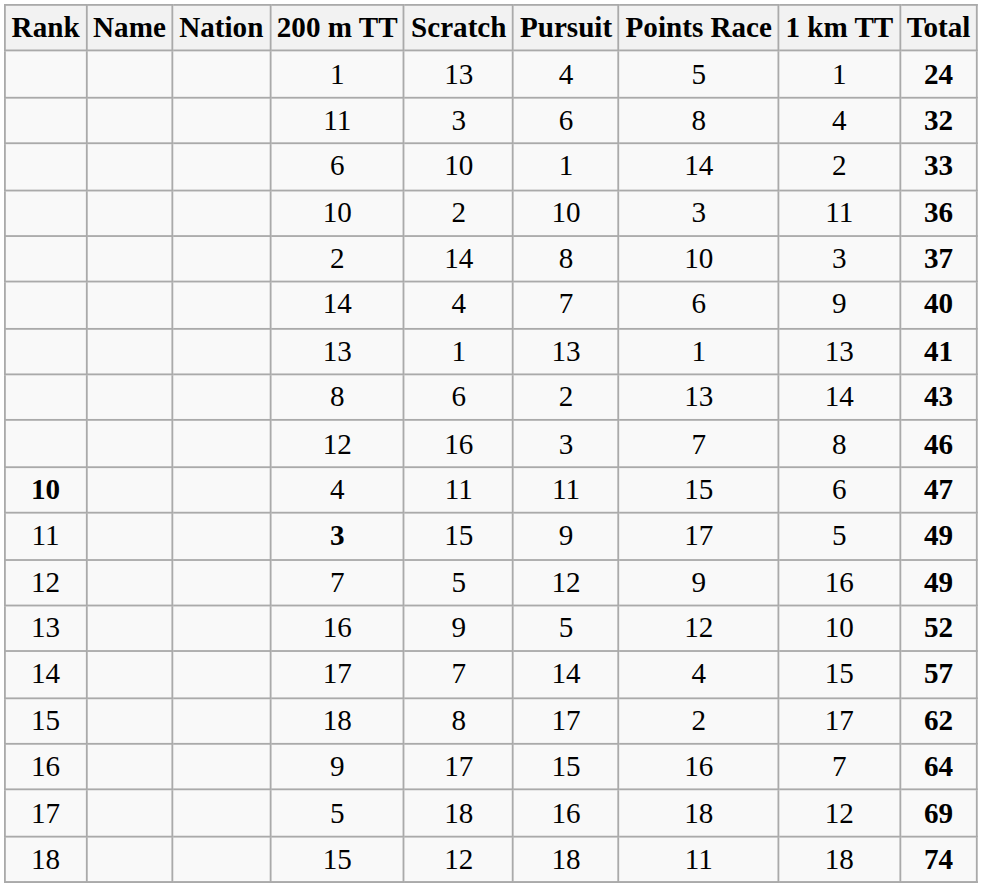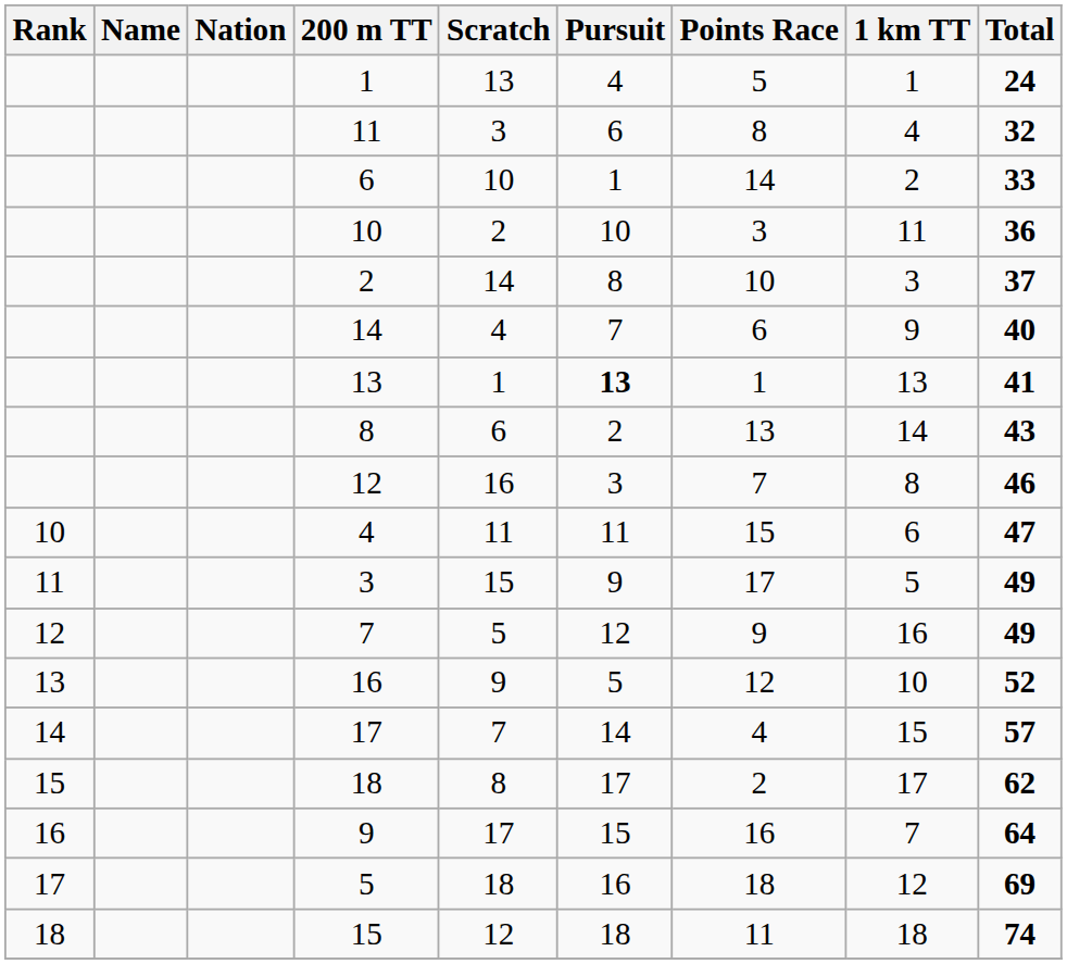 <table class="wikitable sortable" style="text-align:center">
 <tr>
 <th>Rank</th>
 <th>Name</th>
 <th>Nation</th>
 <th>200 m TT</th>
 <th>Scratch</th>
 <th>Pursuit</th>
 <th>Points Race</th>
 <th>1 km TT</th>
 <th>Total</th>
 </tr>
 <tr>
 <td></td>
 <td align=left></td>
 <td align=left></td>
 <td>1</td>
 <td>13</td>
 <td>4</td>
 <td>5</td>
 <td>1</td>
 <td><strong>24</strong></td>
 </tr>
 <tr>
 <td></td>
 <td align=left></td>
 <td align=left></td>
 <td>11</td>
 <td>3</td>
 <td>6</td>
 <td>8</td>
 <td>4</td>
 <td><strong>32</strong></td>
 </tr>
 <tr>
 <td></td>
 <td align=left></td>
 <td align=left></td>
 <td>6</td>
 <td>10</td>
 <td>1</td>
 <td>14</td>
 <td>2</td>
 <td><strong>33</strong></td>
 </tr>
 <tr>
 <td></td>
 <td align=left></td>
 <td align=left></td>
 <td>10</td>
 <td>2</td>
 <td>10</td>
 <td>3</td>
 <td>11</td>
 <td><strong>36</strong></td>
 </tr>
 <tr>
 <td></td>
 <td align=left></td>
 <td align=left></td>
 <td>2</td>
 <td>14</td>
 <td>8</td>
 <td>10</td>
 <td>3</td>
 <td><strong>37</strong></td>
 </tr>
 <tr>
 <td></td>
 <td align=left></td>
 <td align=left></td>
 <td>14</td>
 <td>4</td>
 <td>7</td>
 <td>6</td>
 <td>9</td>
 <td><strong>40</strong></td>
 </tr>
 <tr>
 <td></td>
 <td align=left></td>
 <td align=left></td>
 <td>13</td>
 <td>1</td>
-<td>13</td>
+<td><strong>13</strong></td>
 <td>1</td>
 <td>13</td>
 <td><strong>41</strong></td>
 </tr>
 <tr>
 <td></td>
 <td align=left></td>
 <td align=left></td>
 <td>8</td>
 <td>6</td>
 <td>2</td>
 <td>13</td>
 <td>14</td>
 <td><strong>43</strong></td>
 </tr>
 <tr>
 <td></td>
 <td align=left></td>
 <td align=left></td>
 <td>12</td>
 <td>16</td>
 <td>3</td>
 <td>7</td>
 <td>8</td>
 <td><strong>46</strong></td>
 </tr>
 <tr>
-<td><strong>10</strong></td>
+<td>10</td>
 <td align=left></td>
 <td align=left></td>
 <td>4</td>
 <td>11</td>
 <td>11</td>
 <td>15</td>
 <td>6</td>
 <td><strong>47</strong></td>
 </tr>
 <tr>
 <td>11</td>
 <td align=left></td>
 <td align=left></td>
-<td><strong>3</strong></td>
+<td>3</td>
 <td>15</td>
 <td>9</td>
 <td>17</td>
 <td>5</td>
 <td><strong>49</strong></td>
 </tr>
 <tr>
 <td>12</td>
 <td align=left></td>
 <td align=left></td>
 <td>7</td>
 <td>5</td>
 <td>12</td>
 <td>9</td>
 <td>16</td>
 <td><strong>49</strong></td>
 </tr>
 <tr>
 <td>13</td>
 <td align=left></td>
 <td align=left></td>
 <td>16</td>
 <td>9</td>
 <td>5</td>
 <td>12</td>
 <td>10</td>
 <td><strong>52</strong></td>
 </tr>
 <tr>
 <td>14</td>
 <td align=left></td>
 <td align=left></td>
 <td>17</td>
 <td>7</td>
 <td>14</td>
 <td>4</td>
 <td>15</td>
 <td><strong>57</strong></td>
 </tr>
 <tr>
 <td>15</td>
 <td align=left></td>
 <td align=left></td>
 <td>18</td>
 <td>8</td>
 <td>17</td>
 <td>2</td>
 <td>17</td>
 <td><strong>62</strong></td>
 </tr>
 <tr>
 <td>16</td>
 <td align=left></td>
 <td align=left></td>
 <td>9</td>
 <td>17</td>
 <td>15</td>
 <td>16</td>
 <td>7</td>
 <td><strong>64</strong></td>
 </tr>
 <tr>
 <td>17</td>
 <td align=left></td>
 <td align=left></td>
 <td>5</td>
 <td>18</td>
 <td>16</td>
 <td>18</td>
 <td>12</td>
 <td><strong>69</strong></td>
 </tr>
 <tr>
 <td>18</td>
 <td align=left></td>
 <td align=left></td>
 <td>15</td>
 <td>12</td>
 <td>18</td>
 <td>11</td>
 <td>18</td>
 <td><strong>74</strong></td>
 </tr>
 <tr>
 </tr>
 </table>
